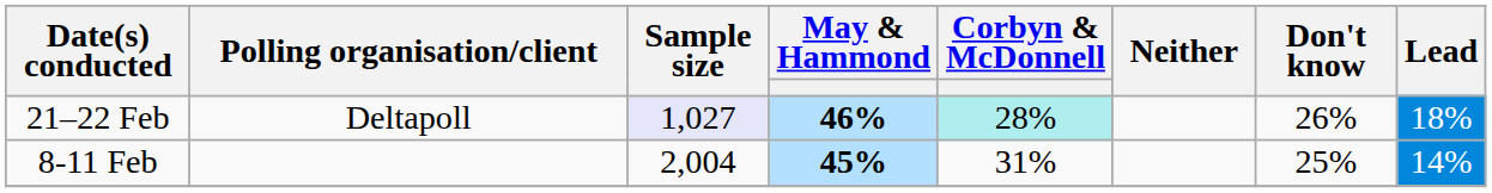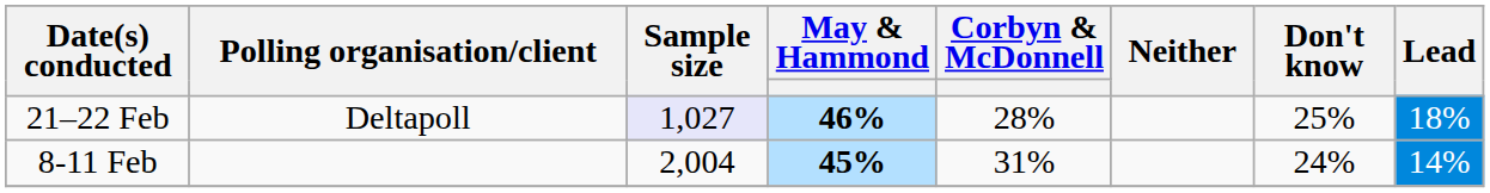 <table class="wikitable sortable" style="text-align:center;line-height:14px">
 <tr>
 <th style="width:80px;" rowspan="2">Date(s)<br>conducted</th>
 <th style="width:200px;" rowspan="2">Polling organisation/client</th>
 <th style="width:60px;" rowspan="2">Sample size</th>
 <th style="width:60px;" class="unsortable"><a href='#'>May</a> & <a href='#'>Hammond</a></th>
 <th style="width:60px;" class="unsortable"><a href='#'>Corbyn</a> & <a href='#'>McDonnell</a></th>
 <th style="width:60px;" rowspan="2" class="unsortable">Neither</th>
 <th style="width:60px;" rowspan="2" class="unsortable">Don't know</th>
 <th class="unsortable" style="width:20px;" rowspan="2">Lead</th>
 </tr>
 <tr>
 <th class="unsortable" style="color:inherit;background:"></th>
 <th class="unsortable" style="color:inherit;background:"></th>
 </tr>
 <tr>
 <td>21–22 Feb</td>
 <td>Deltapoll</td>
 <td style="background: lavender;">1,027</td>
 <td style="background:#B3E0FF"><strong>46%</strong></td>
-<td style="background: paleturquoise;">28%</td>
+<td>28%</td>
 <td></td>
-<td>26%</td>
+<td>25%</td>
 <td style="background:#0087DC; color:white;">18%</td>
 </tr>
 <tr>
 <td>8-11 Feb</td>
 <td></td>
 <td>2,004</td>
 <td style="background:#B3E0FF"><strong>45%</strong></td>
 <td>31%</td>
 <td></td>
-<td>25%</td>
+<td>24%</td>
 <td style="background:#0087DC; color:white;">14%</td>
 </tr>
 <tr>
 </tr>
 </table>
